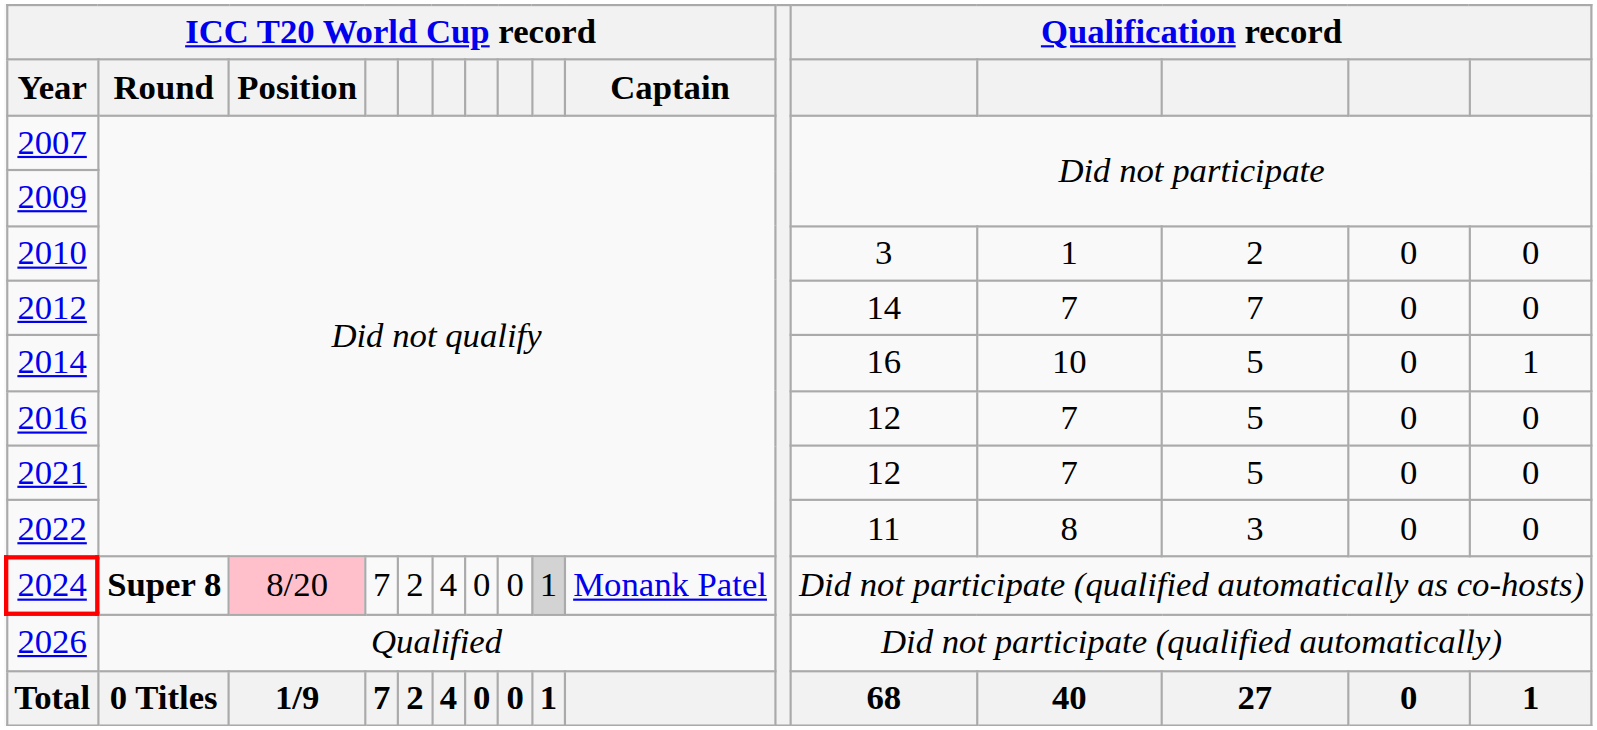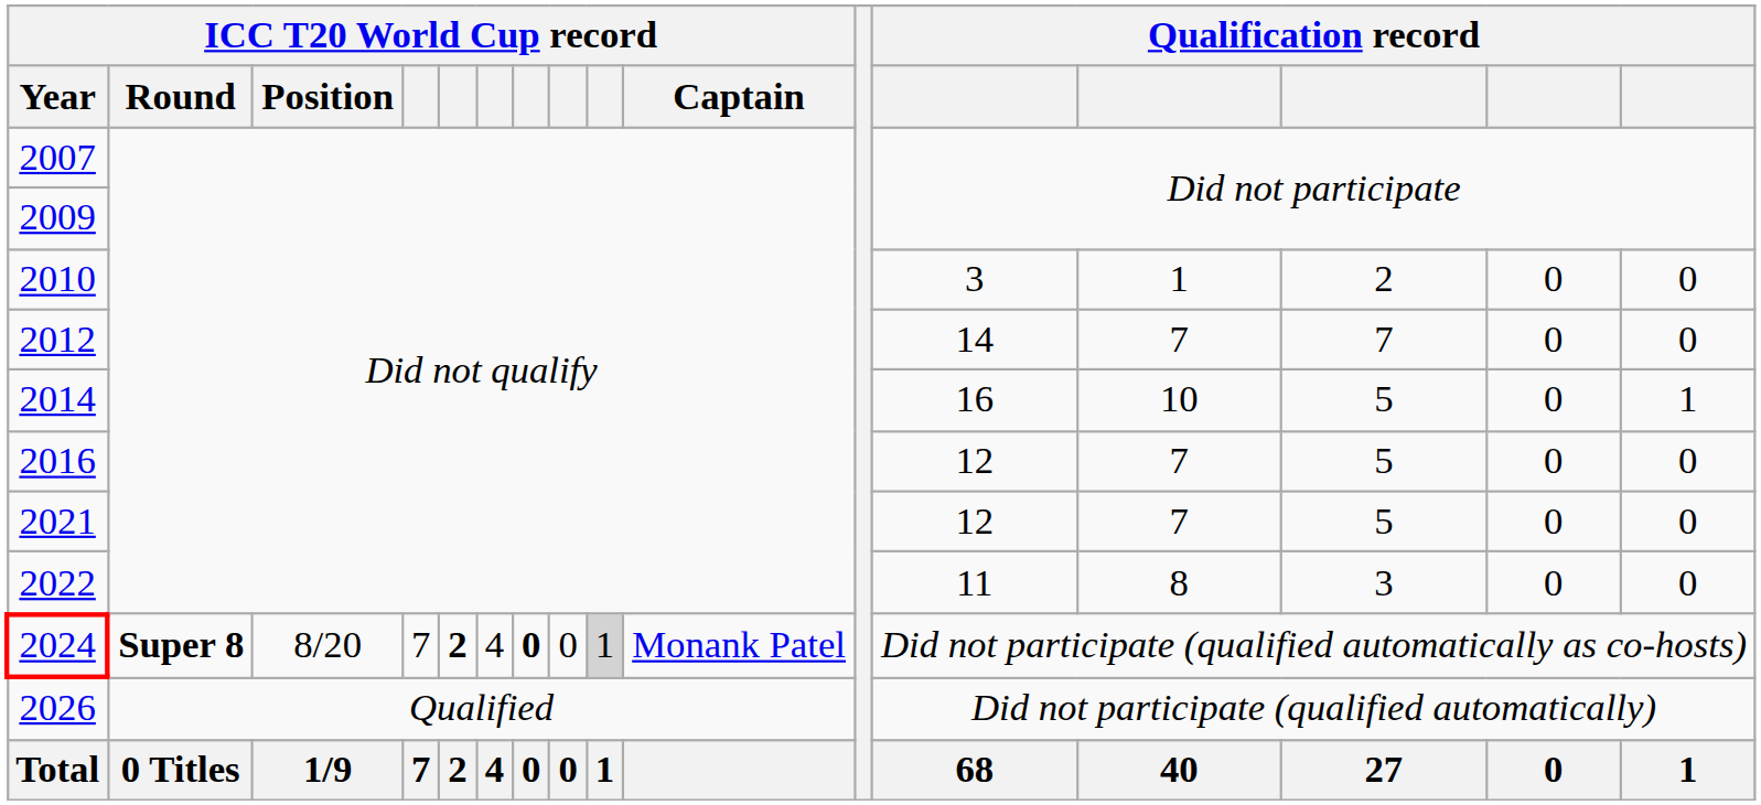 <table class="wikitable" style="text-align: center;">
 <tr>
 <th colspan=10><a href='#'>ICC T20 World Cup</a> record</th>
 <th rowspan="14"></th>
 <th colspan=5><a href='#'>Qualification</a> record</th>
 </tr>
 <tr>
 <th scope="col">Year</th>
 <th scope="col">Round</th>
 <th scope="col">Position</th>
 <th scope="col"></th>
 <th scope="col"></th>
 <th scope="col"></th>
 <th scope="col"></th>
 <th scope="col"></th>
 <th scope="col"></th>
 <th scope="col">Captain</th>
 <th scope="col"></th>
 <th scope="col"></th>
 <th scope="col"></th>
 <th scope="col"></th>
 <th scope="col"></th>
 </tr>
 <tr>
 <td> <a href='#'>2007</a></td>
 <td colspan="9" rowspan="8"><em>Did not qualify</em></td>
 <td colspan="5" rowspan="2"><em>Did not participate</em></td>
 </tr>
 <tr>
 <td> <a href='#'>2009</a></td>
 </tr>
 <tr>
 <td> <a href='#'>2010</a></td>
 <td>3</td>
 <td>1</td>
 <td>2</td>
 <td>0</td>
 <td>0</td>
 </tr>
 <tr>
 <td> <a href='#'>2012</a></td>
 <td>14</td>
 <td>7</td>
 <td>7</td>
 <td>0</td>
 <td>0</td>
 </tr>
 <tr>
 <td> <a href='#'>2014</a></td>
 <td>16</td>
 <td>10</td>
 <td>5</td>
 <td>0</td>
 <td>1</td>
 </tr>
 <tr>
 <td> <a href='#'>2016</a></td>
 <td>12</td>
 <td>7</td>
 <td>5</td>
 <td>0</td>
 <td>0</td>
 </tr>
 <tr>
 <td>  <a href='#'>2021</a></td>
 <td>12</td>
 <td>7</td>
 <td>5</td>
 <td>0</td>
 <td>0</td>
 </tr>
 <tr>
 <td> <a href='#'>2022</a></td>
 <td>11</td>
 <td>8</td>
 <td>3</td>
 <td>0</td>
 <td>0</td>
 </tr>
 <tr>
 <td style="border:2px solid red">  <a href='#'>2024</a></td>
 <td><strong>Super 8</strong></td>
-<td style="background: pink;">8/20</td>
+<td>8/20</td>
 <td>7</td>
-<td>2</td>
+<td><strong>2</strong></td>
 <td>4</td>
-<td>0</td>
+<td><strong>0</strong></td>
 <td>0</td>
 <td style="background: lightgrey;">1</td>
 <td><a href='#'>Monank Patel</a></td>
 <td colspan="5"><em>Did not participate (qualified automatically as co-hosts)</em></td>
 </tr>
 <tr>
 <td>  <a href='#'>2026</a></td>
 <td colspan=9><em>Qualified</em></td>
 <td colspan="5"><em>Did not participate (qualified automatically)</em></td>
 </tr>
 <tr>
 <th><strong>Total</strong></th>
 <th><strong>0 Titles</strong></th>
 <th><strong>1/9</strong></th>
 <th><strong>7</strong></th>
 <th><strong>2</strong></th>
 <th><strong>4</strong></th>
 <th><strong>0</strong></th>
 <th><strong>0</strong></th>
 <th><strong>1</strong></th>
 <th></th>
 <th><strong>68</strong></th>
 <th><strong>40</strong></th>
 <th><strong>27</strong></th>
 <th><strong>0</strong></th>
 <th><strong>1</strong></th>
 </tr>
 </table>
